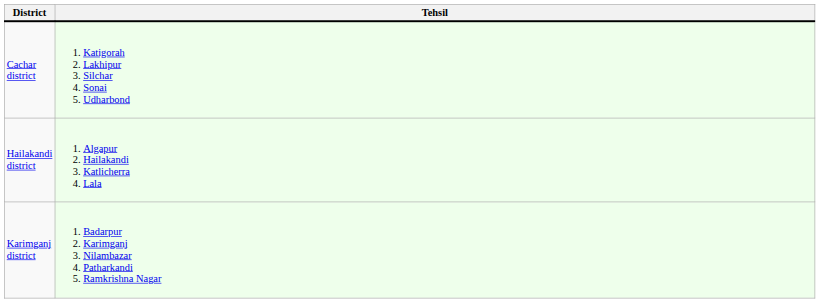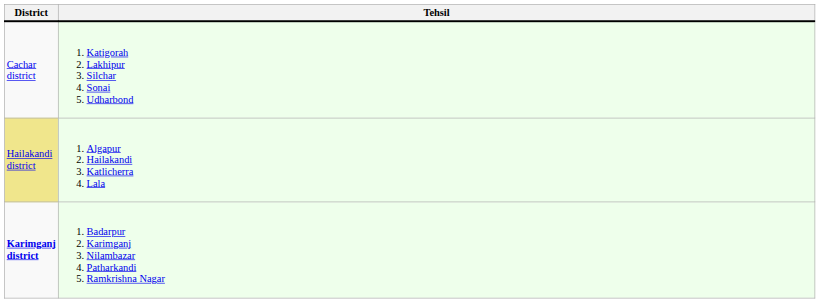 <table class="wikitable">
 <tr>
 <th>District</th>
 <th colspan="7" style="width:100%;">Tehsil</th>
 </tr>
 <tr style="border-top: 3px solid black">
 <td><a href='#'>Cachar district</a></td>
 <td colspan="2" style="background: #eeffeb"><br><ol><li><a href='#'>Katigorah</a></li><li><a href='#'>Lakhipur</a></li><li><a href='#'>Silchar</a></li><li><a href='#'>Sonai</a></li><li><a href='#'>Udharbond</a></li></ol></td>
 </tr>
 <tr>
-<td><a href='#'>Hailakandi district</a></td>
+<td style="background: khaki;"><a href='#'>Hailakandi district</a></td>
 <td colspan="2" style="background: #eeffeb"><br><ol><li><a href='#'>Algapur</a></li><li><a href='#'>Hailakandi</a></li><li><a href='#'>Katlicherra</a></li><li><a href='#'>Lala</a></li></ol></td>
 </tr>
 <tr>
-<td><a href='#'>Karimganj district</a></td>
+<td><strong><a href='#'>Karimganj district</a></strong></td>
 <td colspan="2" style="background: #eeffeb"><br><ol><li><a href='#'>Badarpur</a></li><li><a href='#'>Karimganj</a></li><li><a href='#'>Nilambazar</a></li><li><a href='#'>Patharkandi</a></li><li><a href='#'>Ramkrishna Nagar</a></li></ol></td>
 </tr>
 </table>
